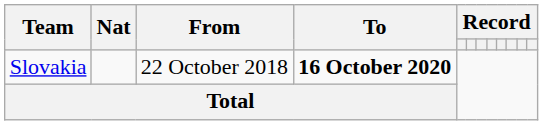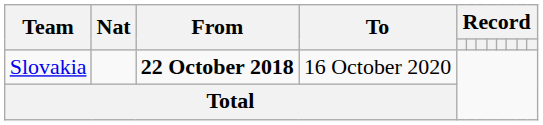 <table class="wikitable" style="text-align: center">
 <tr>
 <th rowspan="2">Team</th>
 <th rowspan="2">Nat</th>
 <th rowspan="2">From</th>
 <th rowspan="2">To</th>
 <th colspan="9">Record</th>
 </tr>
 <tr>
 <th></th>
 <th></th>
 <th></th>
 <th></th>
 <th></th>
 <th></th>
 <th></th>
 <th></th>
 </tr>
 <tr>
 <td align=left><a href='#'>Slovakia</a></td>
 <td align=left></td>
-<td align=left>22 October 2018</td>
-<td align=left><strong>16 October 2020<br></strong></td>
+<td align=left><strong>22 October 2018</strong></td>
+<td align=left>16 October 2020<br></td>
 </tr>
 <tr>
 <th colspan="4">Total<br></th>
 </tr>
 </table>
